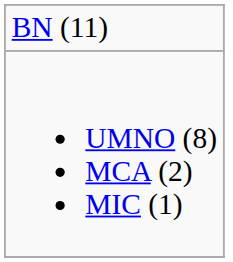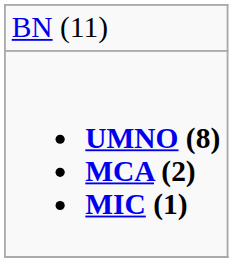 <table class="wikitable">
 <tr>
 <td> <a href='#'>BN</a> (11)</td>
 </tr>
 <tr>
-<td><br><ul><li> <a href='#'>UMNO</a> (8)</li><li> <a href='#'>MCA</a> (2)</li><li> <a href='#'>MIC</a> (1)</li></ul></td>
+<td><strong><br><ul><li> <a href='#'>UMNO</a> (8)</li><li> <a href='#'>MCA</a> (2)</li><li> <a href='#'>MIC</a> (1)</li></ul></strong></td>
 </tr>
 <tr>
 </tr>
 </table>
